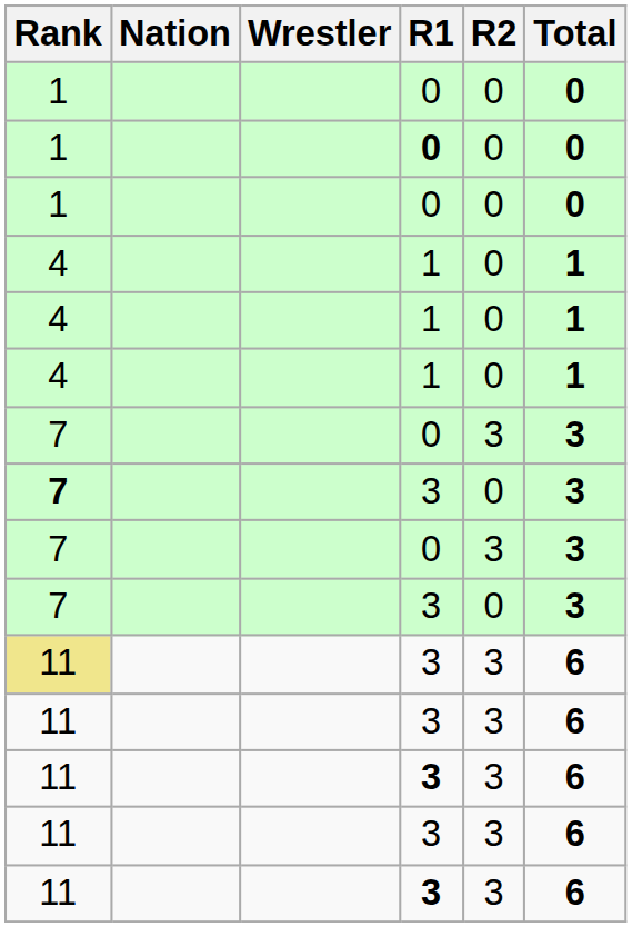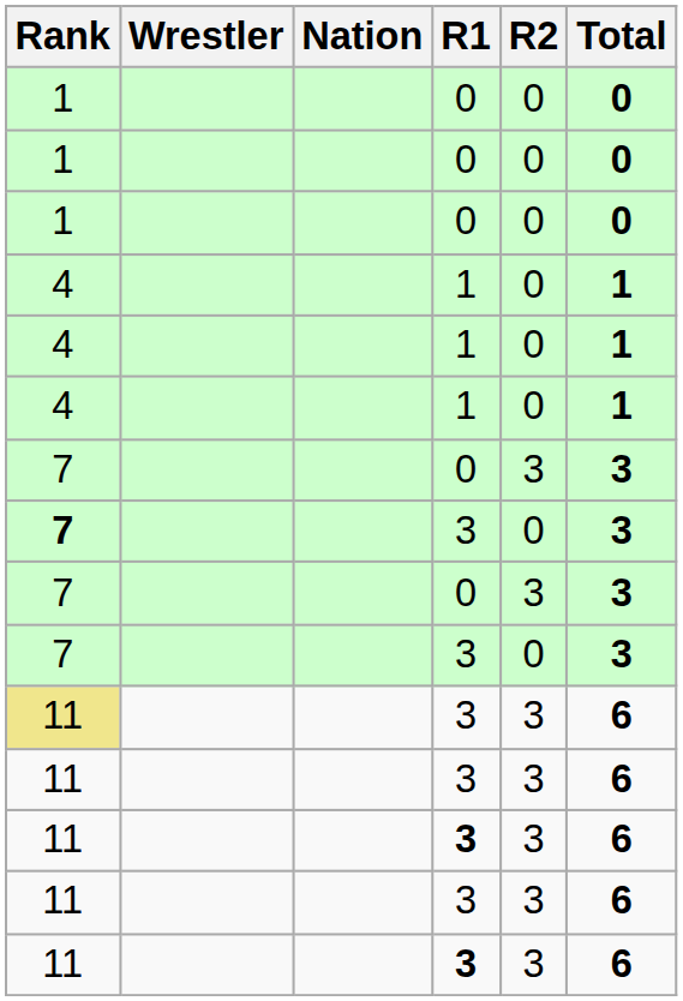 <table class="wikitable sortable" style="text-align:center;">
 <tr>
 <th>Rank</th>
+<th>Wrestler</th>
 <th>Nation</th>
-<th>Wrestler</th>
 <th>R1</th>
 <th>R2</th>
 <th>Total</th>
 </tr>
 <tr style="background:#cfc;">
 <td>1</td>
 <td align=left></td>
 <td align=left></td>
 <td>0</td>
 <td>0</td>
 <td><strong>0</strong></td>
 </tr>
 <tr style="background:#cfc;">
 <td>1</td>
 <td align=left></td>
 <td align=left></td>
-<td><strong>0</strong></td>
+<td>0</td>
 <td>0</td>
 <td><strong>0</strong></td>
 </tr>
 <tr style="background:#cfc;">
 <td>1</td>
 <td align=left></td>
 <td align=left></td>
 <td>0</td>
 <td>0</td>
 <td><strong>0</strong></td>
 </tr>
 <tr style="background:#cfc;">
 <td>4</td>
 <td align=left></td>
 <td align=left></td>
 <td>1</td>
 <td>0</td>
 <td><strong>1</strong></td>
 </tr>
 <tr style="background:#cfc;">
 <td>4</td>
 <td align=left></td>
 <td align=left></td>
 <td>1</td>
 <td>0</td>
 <td><strong>1</strong></td>
 </tr>
 <tr style="background:#cfc;">
 <td>4</td>
 <td align=left></td>
 <td align=left></td>
 <td>1</td>
 <td>0</td>
 <td><strong>1</strong></td>
 </tr>
 <tr style="background:#cfc;">
 <td>7</td>
 <td align=left></td>
 <td align=left></td>
 <td>0</td>
 <td>3</td>
 <td><strong>3</strong></td>
 </tr>
 <tr style="background:#cfc;">
 <td><strong>7</strong></td>
 <td align=left></td>
 <td align=left></td>
 <td>3</td>
 <td>0</td>
 <td><strong>3</strong></td>
 </tr>
 <tr style="background:#cfc;">
 <td>7</td>
 <td align=left></td>
 <td align=left></td>
 <td>0</td>
 <td>3</td>
 <td><strong>3</strong></td>
 </tr>
 <tr style="background:#cfc;">
 <td>7</td>
 <td align=left></td>
 <td align=left></td>
 <td>3</td>
 <td>0</td>
 <td><strong>3</strong></td>
 </tr>
 <tr>
 <td style="background: khaki;">11</td>
 <td align=left></td>
 <td align=left></td>
 <td>3</td>
 <td>3</td>
 <td><strong>6</strong></td>
 </tr>
 <tr>
 <td>11</td>
 <td align=left></td>
 <td align=left></td>
 <td>3</td>
 <td>3</td>
 <td><strong>6</strong></td>
 </tr>
 <tr>
 <td>11</td>
 <td align=left></td>
 <td align=left></td>
 <td><strong>3</strong></td>
 <td>3</td>
 <td><strong>6</strong></td>
 </tr>
 <tr>
 <td>11</td>
 <td align=left></td>
 <td align=left></td>
 <td>3</td>
 <td>3</td>
 <td><strong>6</strong></td>
 </tr>
 <tr>
 <td>11</td>
 <td align=left></td>
 <td align=left></td>
 <td><strong>3</strong></td>
 <td>3</td>
 <td><strong>6</strong></td>
 </tr>
 </table>
